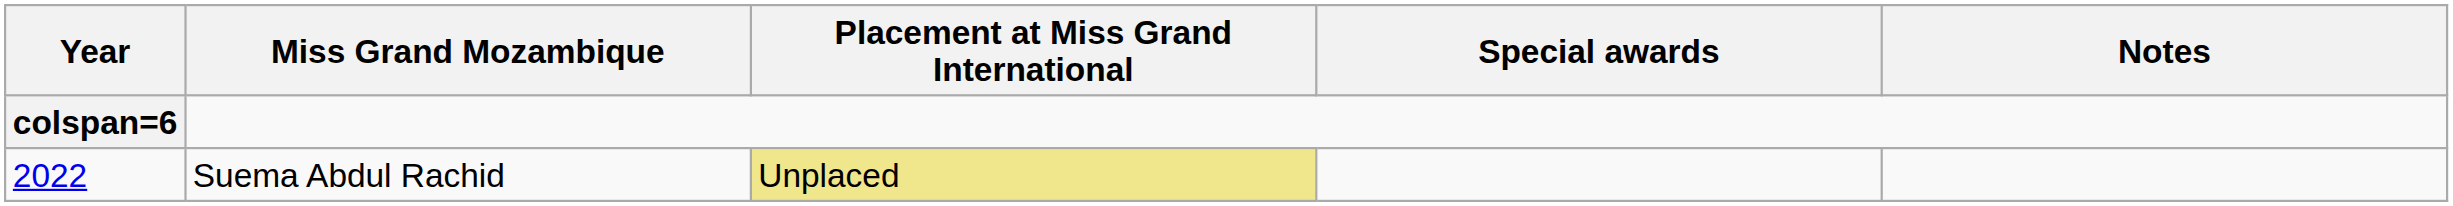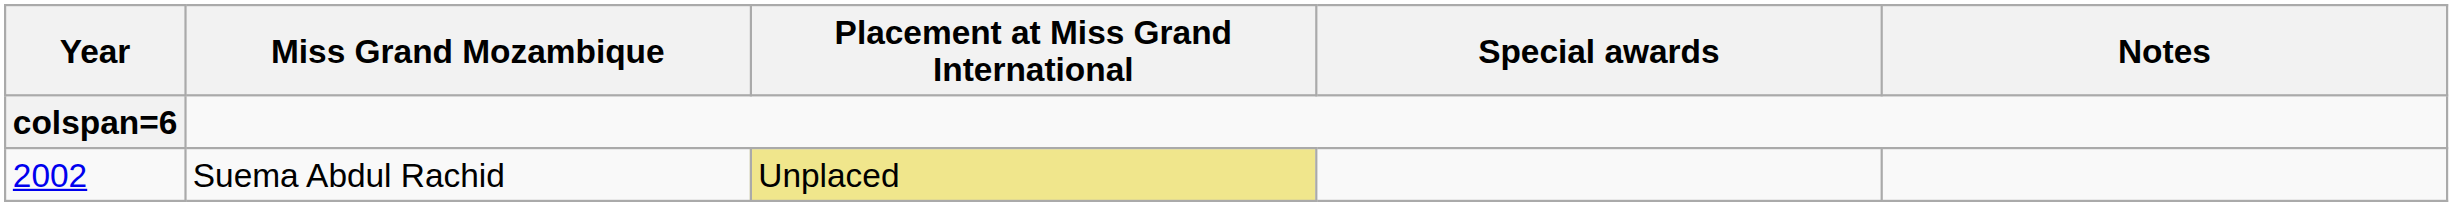 <table class="wikitable " style="font-size: 95%;">
 <tr>
 <th width="60">Year</th>
 <th width="250">Miss Grand Mozambique</th>
 <th width="250">Placement at Miss Grand International</th>
 <th width="250">Special awards</th>
 <th width="250">Notes</th>
 </tr>
 <tr>
 <th>colspan=6 </th>
 </tr>
 <tr>
-<td><a href='#'>2022</a></td>
+<td><a href='#'>2002</a></td>
 <td>Suema Abdul Rachid</td>
 <td style="background: khaki;">Unplaced</td>
 <td></td>
 <td></td>
 </tr>
 </table>
